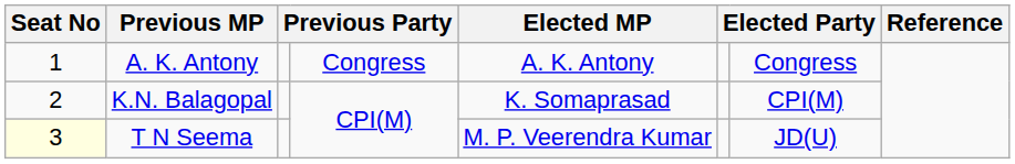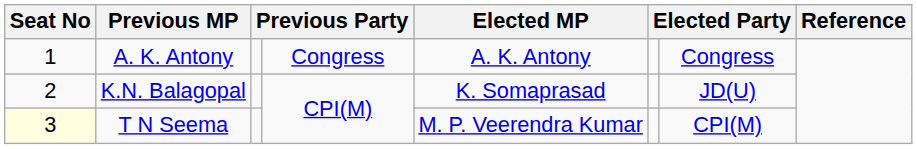 <table class="wikitable">
 <tr>
 <th>Seat No</th>
 <th>Previous MP</th>
 <th colspan=2>Previous Party</th>
 <th>Elected MP</th>
 <th colspan=2>Elected Party</th>
 <th>Reference</th>
 </tr>
 <tr style="text-align:center;">
 <td>1</td>
 <td><a href='#'>A. K. Antony</a></td>
 <td width="1px"></td>
 <td><a href='#'>Congress</a></td>
 <td><a href='#'>A. K. Antony</a></td>
 <td width="1px"></td>
 <td><a href='#'>Congress</a></td>
 <td rowspan=3></td>
 </tr>
 <tr style="text-align:center;">
 <td>2</td>
 <td><a href='#'>K.N. Balagopal</a></td>
 <td width="1px"></td>
 <td rowspan="2"><a href='#'>CPI(M)</a></td>
 <td><a href='#'>K. Somaprasad</a></td>
 <td width="1px"></td>
-<td><a href='#'>CPI(M)</a></td>
+<td><a href='#'>JD(U)</a></td>
 </tr>
 <tr style="text-align:center;">
 <td style="background: lightyellow;">3</td>
 <td><a href='#'>T N Seema</a></td>
 <td width="1px"></td>
 <td><a href='#'>M. P. Veerendra Kumar</a></td>
 <td width="1px"></td>
-<td><a href='#'>JD(U)</a></td>
+<td><a href='#'>CPI(M)</a></td>
 </tr>
 </table>
